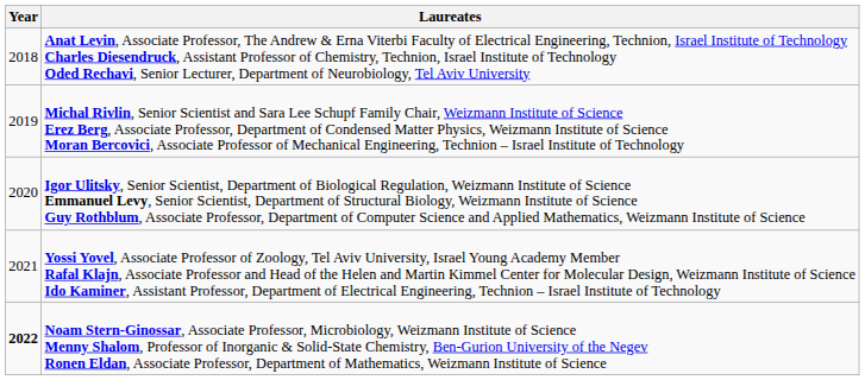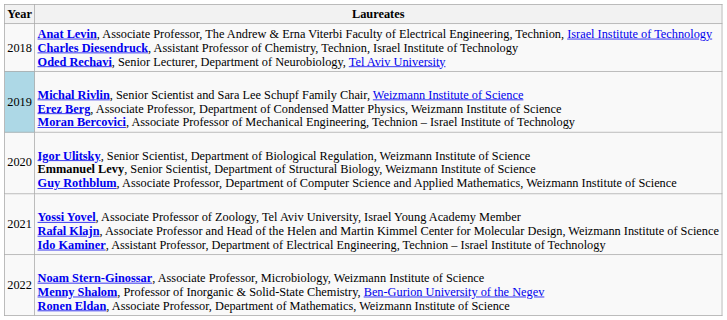 <table class="wikitable">
 <tr>
 <th>Year</th>
 <th>Laureates</th>
 </tr>
 <tr>
 <td>2018</td>
 <td><strong><a href='#'>Anat Levin</a></strong>, Associate Professor, The Andrew & Erna Viterbi Faculty of Electrical Engineering, Technion, <a href='#'>Israel Institute of Technology</a><br><strong><a href='#'>Charles Diesendruck</a></strong>, Assistant Professor of Chemistry, Technion, Israel Institute of Technology<br><strong><a href='#'>Oded Rechavi</a></strong>, Senior Lecturer, Department of Neurobiology, <a href='#'>Tel Aviv University</a></td>
 </tr>
 <tr>
-<td>2019</td>
+<td style="background: lightblue;">2019</td>
 <td><br><strong><a href='#'>Michal Rivlin</a></strong>, Senior Scientist and Sara Lee Schupf Family Chair, <a href='#'>Weizmann Institute of Science</a><br><strong><a href='#'>Erez Berg</a></strong>, Associate Professor, Department of Condensed Matter Physics, Weizmann Institute of Science<br><strong><a href='#'>Moran Bercovici</a></strong>, Associate Professor of Mechanical Engineering, Technion – Israel Institute of Technology</td>
 </tr>
 <tr>
 <td>2020</td>
 <td><br><strong><a href='#'>Igor Ulitsky</a></strong>, Senior Scientist, Department of Biological Regulation, Weizmann Institute of Science<br><strong>Emmanuel Levy</strong>, Senior Scientist, Department of Structural Biology, Weizmann Institute of Science<br><strong><a href='#'>Guy Rothblum</a></strong>, Associate Professor, Department of Computer Science and Applied Mathematics, Weizmann Institute of Science</td>
 </tr>
 <tr>
 <td>2021</td>
 <td><br><strong><a href='#'>Yossi Yovel</a></strong>, Associate Professor of Zoology, Tel Aviv University, Israel Young Academy Member<br><strong><a href='#'>Rafal Klajn</a></strong>, Associate Professor and Head of the Helen and Martin Kimmel Center for Molecular Design, Weizmann Institute of Science<br><strong><a href='#'>Ido Kaminer</a></strong>, Assistant Professor, Department of Electrical Engineering, Technion – Israel Institute of Technology</td>
 </tr>
 <tr>
-<td><strong>2022</strong></td>
+<td>2022</td>
 <td><br><strong><a href='#'>Noam Stern-Ginossar</a></strong>, Associate Professor, Microbiology, Weizmann Institute of Science<br><strong><a href='#'>Menny Shalom</a></strong>, Professor of Inorganic & Solid-State Chemistry, <a href='#'>Ben-Gurion University of the Negev</a><br><strong><a href='#'>Ronen Eldan</a></strong>, Associate Professor, Department of Mathematics, Weizmann Institute of Science</td>
 </tr>
 </table>
